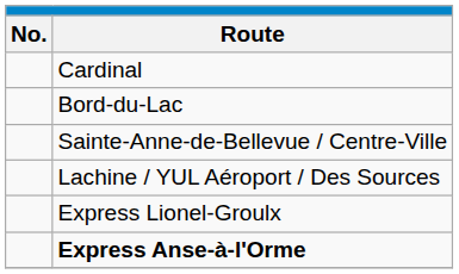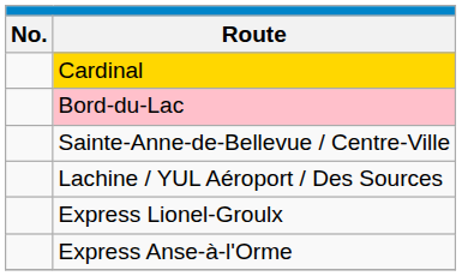 <table align=center class="wikitable">
 <tr>
 <th style="background: #0085CA; font-size:100%; color:#FFFFFF;"colspan="4"><a href='#'></a></th>
 </tr>
 <tr>
 <th>No.</th>
 <th>Route</th>
 </tr>
 <tr>
 <td></td>
-<td>Cardinal</td>
+<td style="background: gold;">Cardinal</td>
 </tr>
 <tr>
 <td></td>
-<td>Bord-du-Lac</td>
+<td style="background: pink;">Bord-du-Lac</td>
 </tr>
 <tr>
 <td {{Avoid wrap> </td>
 <td>Sainte-Anne-de-Bellevue / Centre-Ville</td>
 </tr>
 <tr>
 <td {{Avoid wrap> </td>
 <td>Lachine / YUL Aéroport / Des Sources</td>
 </tr>
 <tr>
 <td></td>
 <td>Express Lionel-Groulx</td>
 </tr>
 <tr>
 <td></td>
-<td><strong>Express Anse-à-l'Orme</strong></td>
+<td>Express Anse-à-l'Orme</td>
 </tr>
 <tr>
 </tr>
 </table>
